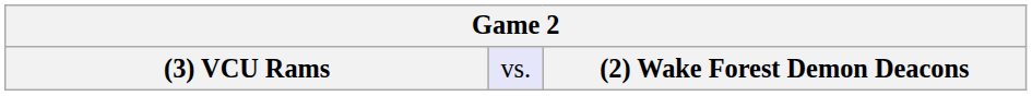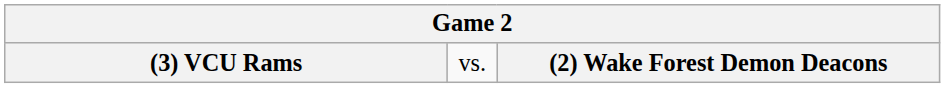 <table class="wikitable">
 <tr>
 <th style="width: 594px;" colspan=3>Game 2</th>
 </tr>
 <tr>
 <th style="width: 284px; ">(3) VCU Rams</th>
-<td style="background: lavender; width: 25px; text-align:center">vs.</td>
+<td style="width: 25px; text-align:center">vs.</td>
 <th style="width: 284px; ">(2) Wake Forest Demon Deacons</th>
 </tr>
 </table>
